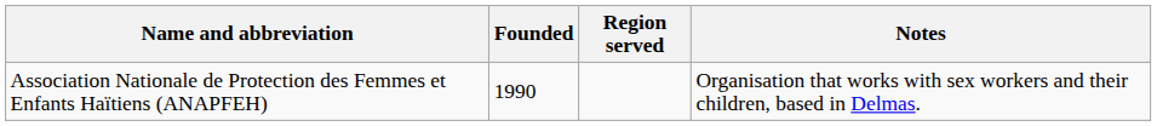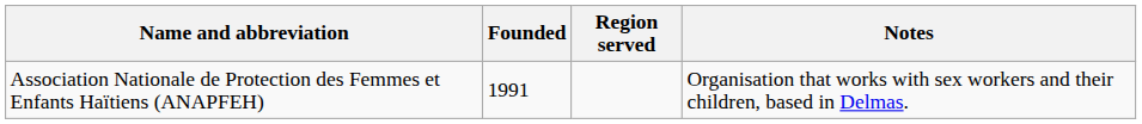 <table class="wikitable sortable">
 <tr>
 <th>Name and abbreviation</th>
 <th>Founded</th>
 <th>Region served</th>
 <th>Notes</th>
 </tr>
 <tr>
 <td>Association Nationale de Protection des Femmes et Enfants Haïtiens (ANAPFEH)</td>
-<td>1990</td>
+<td>1991</td>
 <td></td>
 <td>Organisation that works with sex workers and their children, based in <a href='#'>Delmas</a>.</td>
 </tr>
 </table>
